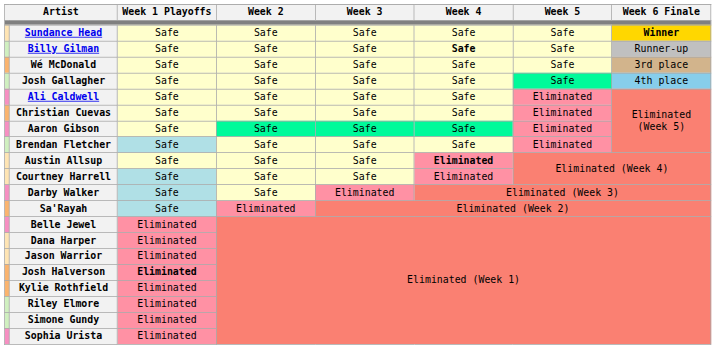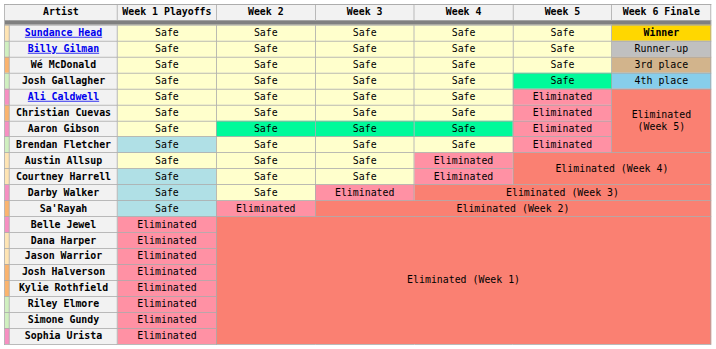 <table class="wikitable"  style="text-align:center; font-size:95%; width:100%;">
 <tr>
 </tr>
 <tr>
 <th colspan="2">Artist</th>
 <th style="width:14%;">Week 1 Playoffs</th>
 <th style="width:14%;">Week 2</th>
 <th style="width:14%;">Week 3</th>
 <th style="width:14%;">Week 4</th>
 <th style="width:14%;">Week 5</th>
 <th style="width:14%;">Week 6 Finale</th>
 </tr>
 <tr>
 <th colspan="9" style="background:gray;"></th>
 </tr>
 <tr>
 <th style="background:#ffe5b4;"></th>
 <th><a href='#'>Sundance Head</a></th>
 <td style="background:#ffc;">Safe</td>
 <td style="background:#ffc;">Safe</td>
 <td style="background:#ffc;">Safe</td>
 <td style="background:#ffc;">Safe</td>
 <td style="background:#ffc;">Safe</td>
 <td style="background:gold;"><strong>Winner</strong></td>
 </tr>
 <tr>
 <th style="background:#d0f0c0;"></th>
 <th><a href='#'>Billy Gilman</a></th>
 <td style="background:#ffc;">Safe</td>
 <td style="background:#ffc;">Safe</td>
 <td style="background:#ffc;">Safe</td>
-<td style="background:#ffc;"><strong>Safe</strong></td>
+<td style="background:#ffc;">Safe</td>
 <td style="background:#ffc;">Safe</td>
 <td style="background:silver;">Runner-up</td>
 </tr>
 <tr>
 <th style="background:#fbb46e;"></th>
 <th>Wé McDonald</th>
 <td style="background:#ffc;">Safe</td>
 <td style="background:#ffc;">Safe</td>
 <td style="background:#ffc;">Safe</td>
 <td style="background:#ffc;">Safe</td>
 <td style="background:#ffc;">Safe</td>
 <td style="background:tan;">3rd place</td>
 </tr>
 <tr>
 <th style="background:#d0f0c0;"></th>
 <th>Josh Gallagher</th>
 <td style="background:#ffc;">Safe</td>
 <td style="background:#ffc;">Safe</td>
 <td style="background:#ffc;">Safe</td>
 <td style="background:#ffc;">Safe</td>
 <td style="background:#00FA9A;">Safe</td>
 <td style="background:skyBlue;">4th place</td>
 </tr>
 <tr>
 <th style="background:#f78fc2;"></th>
 <th><a href='#'>Ali Caldwell</a></th>
 <td style="background:#ffc;">Safe</td>
 <td style="background:#ffc;">Safe</td>
 <td style="background:#ffc;">Safe</td>
 <td style="background:#ffc;">Safe</td>
 <td style="background:#FF91A4;">Eliminated</td>
 <td rowspan="4" style="background:salmon;">Eliminated (Week 5)</td>
 </tr>
 <tr>
 <th style="background:#fbb46e;"></th>
 <th>Christian Cuevas</th>
 <td style="background:#ffc;">Safe</td>
 <td style="background:#ffc;">Safe</td>
 <td style="background:#ffc;">Safe</td>
 <td style="background:#ffc;">Safe</td>
 <td style="background:#FF91A4;">Eliminated</td>
 </tr>
 <tr>
 <th style="background:#f78fc2;"></th>
 <th>Aaron Gibson</th>
 <td style="background:#ffc;">Safe</td>
 <td style="background:#00FA9A;">Safe</td>
 <td style="background:#00FA9A;">Safe</td>
 <td style="background:#00FA9A;">Safe</td>
 <td style="background:#FF91A4;">Eliminated</td>
 </tr>
 <tr>
 <th style="background:#d0f0c0;"></th>
 <th>Brendan Fletcher</th>
 <td style="background:#B0E0E6;">Safe</td>
 <td style="background:#ffc;">Safe</td>
 <td style="background:#ffc;">Safe</td>
 <td style="background:#ffc;">Safe</td>
 <td style="background:#FF91A4;">Eliminated</td>
 </tr>
 <tr>
 <th style="background:#ffe5b4;"></th>
 <th>Austin Allsup</th>
 <td style="background:#ffc;">Safe</td>
 <td style="background:#ffc;">Safe</td>
 <td style="background:#ffc;">Safe</td>
-<td style="background:#FF91A4;"><strong>Eliminated</strong></td>
+<td style="background:#FF91A4;">Eliminated</td>
 <td rowspan="2" colspan="2" style="background:salmon;">Eliminated (Week 4)</td>
 </tr>
 <tr>
 <th style="background:#ffe5b4;"></th>
 <th>Courtney Harrell</th>
 <td style="background:#B0E0E6;">Safe</td>
 <td style="background:#ffc;">Safe</td>
 <td style="background:#ffc;">Safe</td>
 <td style="background:#FF91A4;">Eliminated</td>
 </tr>
 <tr>
 <th style="background:#f78fc2;"></th>
 <th>Darby Walker</th>
 <td style="background:#B0E0E6;">Safe</td>
 <td style="background:#ffc;">Safe</td>
 <td style="background:#FF91A4;">Eliminated</td>
 <td colspan="3" style="background:salmon;">Eliminated (Week 3)</td>
 </tr>
 <tr>
 <th style="background:#fbb46e;"></th>
 <th>Sa'Rayah</th>
 <td style="background:#B0E0E6;">Safe</td>
 <td style="background:#FF91A4;">Eliminated</td>
 <td colspan="4" style="background:salmon;">Eliminated (Week 2)</td>
 </tr>
 <tr>
 <th style="background:#f78fc2;"></th>
 <th>Belle Jewel</th>
 <td style="background:#FF91A4;">Eliminated</td>
 <td rowspan="8" colspan="5" style="background:salmon;">Eliminated (Week 1)</td>
 </tr>
 <tr>
 <th style="background:#ffe5b4;"></th>
 <th>Dana Harper</th>
 <td style="background:#FF91A4;">Eliminated</td>
 </tr>
 <tr>
 <th style="background:#ffe5b4;"></th>
 <th>Jason Warrior</th>
 <td style="background:#FF91A4;">Eliminated</td>
 </tr>
 <tr>
 <th style="background:#fbb46e;"></th>
 <th>Josh Halverson</th>
-<td style="background:#FF91A4;"><strong>Eliminated</strong></td>
+<td style="background:#FF91A4;">Eliminated</td>
 </tr>
 <tr>
 <th style="background:#fbb46e;"></th>
 <th>Kylie Rothfield</th>
 <td style="background:#FF91A4;">Eliminated</td>
 </tr>
 <tr>
 <th style="background:#d0f0c0;"></th>
 <th>Riley Elmore</th>
 <td style="background:#FF91A4;">Eliminated</td>
 </tr>
 <tr>
 <th style="background:#d0f0c0;"></th>
 <th>Simone Gundy</th>
 <td style="background:#FF91A4;">Eliminated</td>
 </tr>
 <tr>
 <th style="background:#f78fc2;"></th>
 <th>Sophia Urista</th>
 <td style="background:#FF91A4;">Eliminated</td>
 </tr>
 </table>
